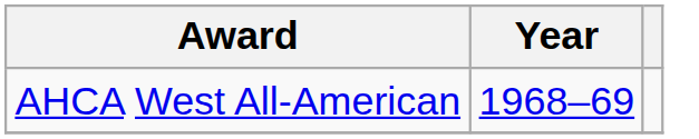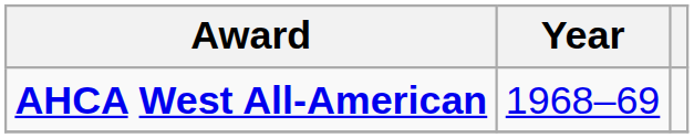 <table class="wikitable">
 <tr>
 <th>Award</th>
 <th>Year</th>
 <th></th>
 </tr>
 <tr>
-<td><a href='#'>AHCA</a> <a href='#'>West All-American</a></td>
+<td><strong><a href='#'>AHCA</a> <a href='#'>West All-American</a></strong></td>
 <td><a href='#'>1968–69</a></td>
 <td></td>
 </tr>
 <tr>
 </tr>
 </table>
